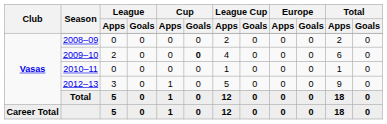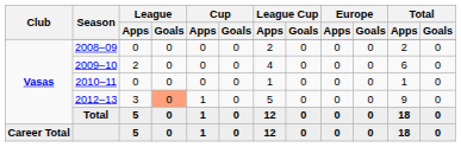 <table class="wikitable" style="font-size:90%; text-align: center;">
 <tr>
 <th rowspan="2">Club</th>
 <th rowspan="2">Season</th>
 <th colspan="2">League</th>
 <th colspan="2">Cup</th>
 <th colspan="2">League Cup</th>
 <th colspan="2">Europe</th>
 <th colspan="2">Total</th>
 </tr>
 <tr>
 <th>Apps</th>
 <th>Goals</th>
 <th>Apps</th>
 <th>Goals</th>
 <th>Apps</th>
 <th>Goals</th>
 <th>Apps</th>
 <th>Goals</th>
 <th>Apps</th>
 <th>Goals</th>
 </tr>
 <tr ||-||-||-|->
 <td rowspan="6" valign="center"><strong><a href='#'>Vasas</a></strong></td>
 </tr>
 <tr>
 <td><a href='#'>2008–09</a></td>
 <td>0</td>
 <td>0</td>
 <td>0</td>
 <td>0</td>
 <td>2</td>
 <td>0</td>
 <td>0</td>
 <td>0</td>
 <td>2</td>
 <td>0</td>
 </tr>
 <tr>
 <td><a href='#'>2009–10</a></td>
 <td>2</td>
 <td>0</td>
 <td>0</td>
-<td><strong>0</strong></td>
+<td>0</td>
 <td>4</td>
 <td>0</td>
 <td>0</td>
 <td>0</td>
 <td>6</td>
 <td>0</td>
 </tr>
 <tr>
 <td><a href='#'>2010–11</a></td>
 <td>0</td>
 <td>0</td>
 <td>0</td>
 <td>0</td>
 <td>1</td>
 <td>0</td>
 <td>0</td>
 <td>0</td>
 <td>1</td>
 <td>0</td>
 </tr>
 <tr>
 <td><a href='#'>2012–13</a></td>
 <td>3</td>
-<td>0</td>
+<td style="background: lightsalmon;">0</td>
 <td>1</td>
 <td>0</td>
 <td>5</td>
 <td>0</td>
 <td>0</td>
 <td>0</td>
 <td>9</td>
 <td>0</td>
 </tr>
 <tr style="font-weight:bold; background-color:#eeeeee;">
 <td>Total</td>
 <td>5</td>
 <td>0</td>
 <td>1</td>
 <td>0</td>
 <td>12</td>
 <td>0</td>
 <td>0</td>
 <td>0</td>
 <td>18</td>
 <td>0</td>
 </tr>
 <tr style="font-weight:bold; background-color:#eeeeee;">
 <td rowspan="1" valign="top"><strong>Career Total</strong></td>
 <td></td>
 <td><strong>5</strong></td>
 <td><strong>0</strong></td>
 <td><strong>1</strong></td>
 <td><strong>0</strong></td>
 <td><strong>12</strong></td>
 <td><strong>0</strong></td>
 <td><strong>0</strong></td>
 <td><strong>0</strong></td>
 <td><strong>18</strong></td>
 <td><strong>0</strong></td>
 </tr>
 </table>
